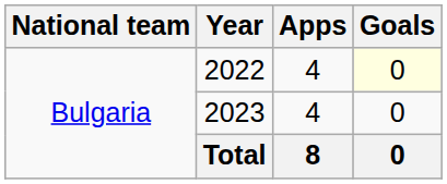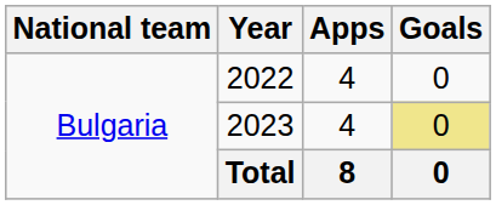 <table class="wikitable" style="text-align:center">
 <tr>
 <th>National team</th>
 <th>Year</th>
 <th>Apps</th>
 <th>Goals</th>
 </tr>
 <tr>
 <td rowspan="4"><a href='#'>Bulgaria</a></td>
 <td>2022</td>
 <td>4</td>
-<td style="background: lightyellow;">0</td>
+<td>0</td>
 </tr>
 <tr>
 <td>2023</td>
 <td>4</td>
-<td>0</td>
+<td style="background: khaki;">0</td>
 </tr>
 <tr>
 <th>Total</th>
 <th>8</th>
 <th>0</th>
 </tr>
 </table>
